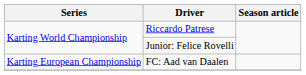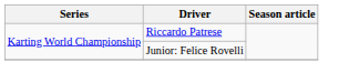 <table class="wikitable" style="font-size: 87%;">
 <tr>
 <th>Series</th>
 <th>Driver</th>
 <th>Season article</th>
 </tr>
 <tr>
 <td rowspan=2><a href='#'>Karting World Championship</a></td>
 <td> <a href='#'>Riccardo Patrese</a></td>
 <td rowspan=2></td>
 </tr>
 <tr>
 <td>Junior:  Felice Rovelli</td>
 </tr>
 <tr>
-<td><a href='#'>Karting European Championship</a></td>
-<td>FC:  Aad van Daalen</td>
-<td></td>
-</tr>
-<tr>
 </tr>
 </table>
